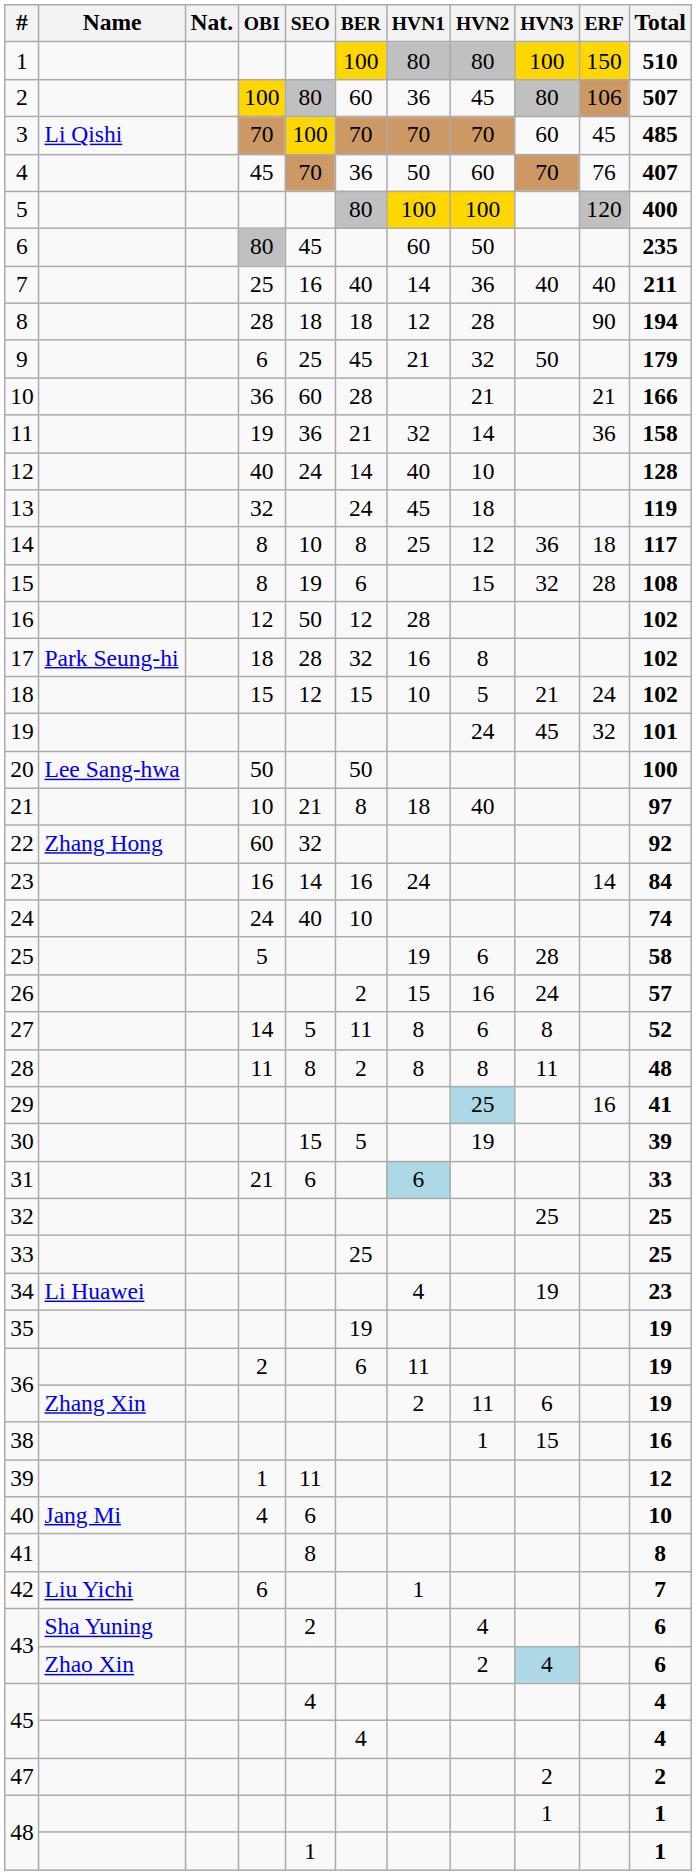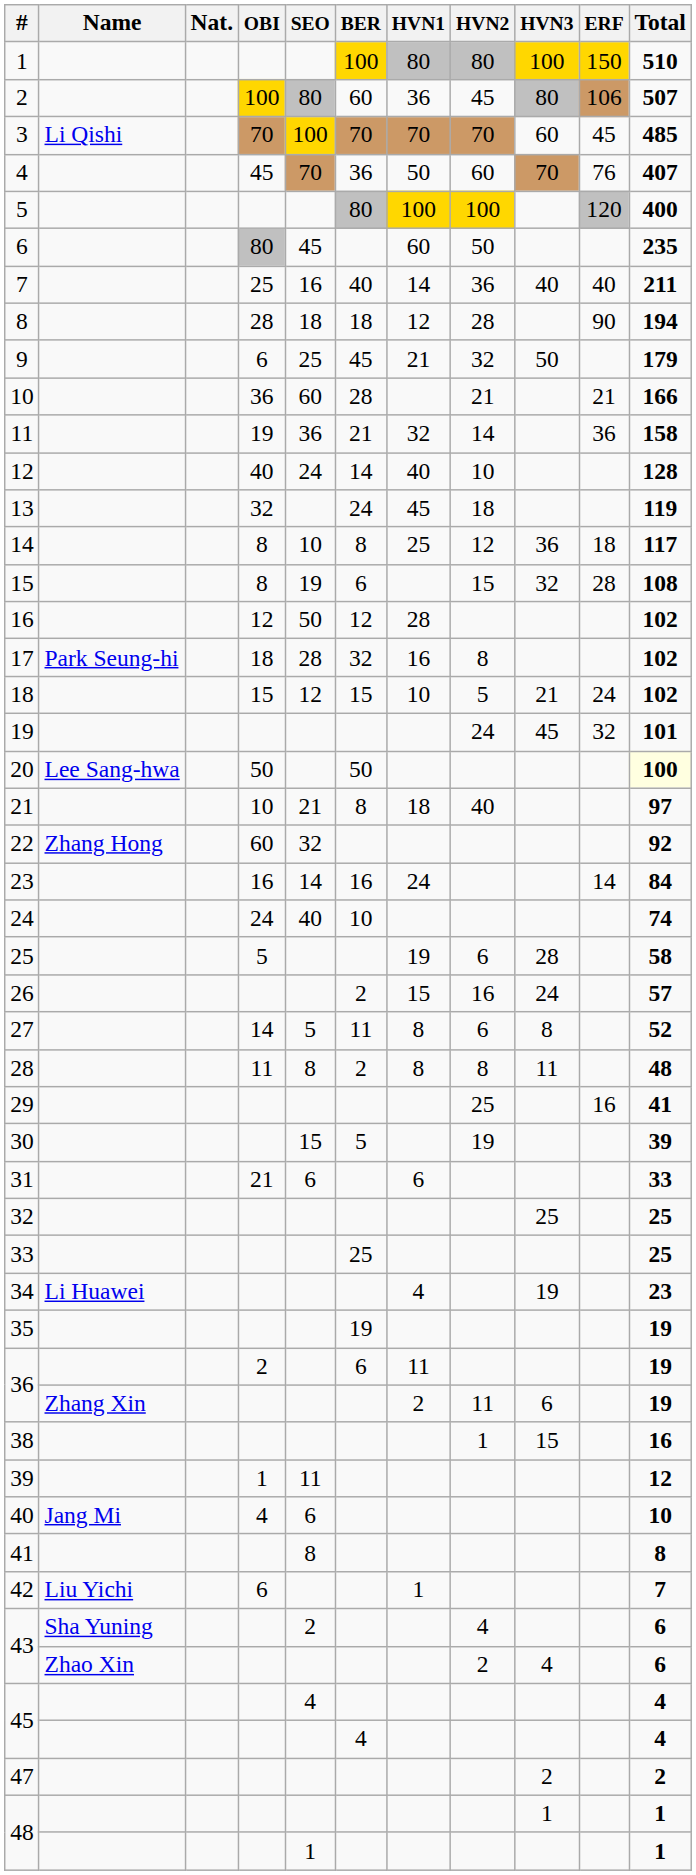 <table class="wikitable sortable" style="text-align:center;">
 <tr>
 <th>#</th>
 <th>Name</th>
 <th>Nat.</th>
 <th><small>OBI</small></th>
 <th><small>SEO</small></th>
 <th><small>BER </small></th>
 <th><small>HVN1 </small></th>
 <th><small>HVN2</small></th>
 <th><small>HVN3 </small></th>
 <th><small>ERF</small></th>
 <th>Total</th>
 </tr>
 <tr>
 <td>1</td>
 <td align=left></td>
 <td></td>
 <td></td>
 <td></td>
 <td bgcolor=gold>100</td>
 <td bgcolor=silver>80</td>
 <td bgcolor=silver>80</td>
 <td bgcolor=gold>100</td>
 <td bgcolor=gold>150</td>
 <td><strong>510</strong></td>
 </tr>
 <tr>
 <td>2</td>
 <td align=left></td>
 <td></td>
 <td bgcolor=gold>100</td>
 <td bgcolor=silver>80</td>
 <td>60</td>
 <td>36</td>
 <td>45</td>
 <td bgcolor=silver>80</td>
 <td bgcolor=cc9966>106</td>
 <td><strong>507</strong></td>
 </tr>
 <tr>
 <td>3</td>
 <td align=left><a href='#'>Li Qishi</a></td>
 <td></td>
 <td bgcolor=cc9966>70</td>
 <td bgcolor=gold>100</td>
 <td bgcolor=cc9966>70</td>
 <td bgcolor=cc9966>70</td>
 <td bgcolor=cc9966>70</td>
 <td>60</td>
 <td>45</td>
 <td><strong>485</strong></td>
 </tr>
 <tr>
 <td>4</td>
 <td align=left></td>
 <td></td>
 <td>45</td>
 <td bgcolor=cc9966>70</td>
 <td>36</td>
 <td>50</td>
 <td>60</td>
 <td bgcolor=cc9966>70</td>
 <td>76</td>
 <td><strong>407</strong></td>
 </tr>
 <tr>
 <td>5</td>
 <td align=left></td>
 <td></td>
 <td></td>
 <td></td>
 <td bgcolor=silver>80</td>
 <td bgcolor=gold>100</td>
 <td bgcolor=gold>100</td>
 <td></td>
 <td bgcolor=silver>120</td>
 <td><strong>400</strong></td>
 </tr>
 <tr>
 <td>6</td>
 <td align=left></td>
 <td></td>
 <td bgcolor=silver>80</td>
 <td>45</td>
 <td></td>
 <td>60</td>
 <td>50</td>
 <td></td>
 <td></td>
 <td><strong>235</strong></td>
 </tr>
 <tr>
 <td>7</td>
 <td align=left></td>
 <td></td>
 <td>25</td>
 <td>16</td>
 <td>40</td>
 <td>14</td>
 <td>36</td>
 <td>40</td>
 <td>40</td>
 <td><strong>211</strong></td>
 </tr>
 <tr>
 <td>8</td>
 <td align=left></td>
 <td></td>
 <td>28</td>
 <td>18</td>
 <td>18</td>
 <td>12</td>
 <td>28</td>
 <td></td>
 <td>90</td>
 <td><strong>194</strong></td>
 </tr>
 <tr>
 <td>9</td>
 <td align=left></td>
 <td></td>
 <td>6</td>
 <td>25</td>
 <td>45</td>
 <td>21</td>
 <td>32</td>
 <td>50</td>
 <td></td>
 <td><strong>179</strong></td>
 </tr>
 <tr>
 <td>10</td>
 <td align=left></td>
 <td></td>
 <td>36</td>
 <td>60</td>
 <td>28</td>
 <td></td>
 <td>21</td>
 <td></td>
 <td>21</td>
 <td><strong>166</strong></td>
 </tr>
 <tr>
 <td>11</td>
 <td align=left></td>
 <td></td>
 <td>19</td>
 <td>36</td>
 <td>21</td>
 <td>32</td>
 <td>14</td>
 <td></td>
 <td>36</td>
 <td><strong>158</strong></td>
 </tr>
 <tr>
 <td>12</td>
 <td align=left></td>
 <td></td>
 <td>40</td>
 <td>24</td>
 <td>14</td>
 <td>40</td>
 <td>10</td>
 <td></td>
 <td></td>
 <td><strong>128</strong></td>
 </tr>
 <tr>
 <td>13</td>
 <td align=left></td>
 <td></td>
 <td>32</td>
 <td></td>
 <td>24</td>
 <td>45</td>
 <td>18</td>
 <td></td>
 <td></td>
 <td><strong>119</strong></td>
 </tr>
 <tr>
 <td>14</td>
 <td align=left></td>
 <td></td>
 <td>8</td>
 <td>10</td>
 <td>8</td>
 <td>25</td>
 <td>12</td>
 <td>36</td>
 <td>18</td>
 <td><strong>117</strong></td>
 </tr>
 <tr>
 <td>15</td>
 <td align=left></td>
 <td></td>
 <td>8</td>
 <td>19</td>
 <td>6</td>
 <td></td>
 <td>15</td>
 <td>32</td>
 <td>28</td>
 <td><strong>108</strong></td>
 </tr>
 <tr>
 <td>16</td>
 <td align=left></td>
 <td></td>
 <td>12</td>
 <td>50</td>
 <td>12</td>
 <td>28</td>
 <td></td>
 <td></td>
 <td></td>
 <td><strong>102</strong></td>
 </tr>
 <tr>
 <td>17</td>
 <td align=left><a href='#'>Park Seung-hi</a></td>
 <td></td>
 <td>18</td>
 <td>28</td>
 <td>32</td>
 <td>16</td>
 <td>8</td>
 <td></td>
 <td></td>
 <td><strong>102</strong></td>
 </tr>
 <tr>
 <td>18</td>
 <td align=left></td>
 <td></td>
 <td>15</td>
 <td>12</td>
 <td>15</td>
 <td>10</td>
 <td>5</td>
 <td>21</td>
 <td>24</td>
 <td><strong>102</strong></td>
 </tr>
 <tr>
 <td>19</td>
 <td align=left></td>
 <td></td>
 <td></td>
 <td></td>
 <td></td>
 <td></td>
 <td>24</td>
 <td>45</td>
 <td>32</td>
 <td><strong>101</strong></td>
 </tr>
 <tr>
 <td>20</td>
 <td align=left><a href='#'>Lee Sang-hwa</a></td>
 <td></td>
 <td>50</td>
 <td></td>
 <td>50</td>
 <td></td>
 <td></td>
 <td></td>
 <td></td>
-<td><strong>100</strong></td>
+<td style="background: lightyellow;"><strong>100</strong></td>
 </tr>
 <tr>
 <td>21</td>
 <td align=left></td>
 <td></td>
 <td>10</td>
 <td>21</td>
 <td>8</td>
 <td>18</td>
 <td>40</td>
 <td></td>
 <td></td>
 <td><strong>97</strong></td>
 </tr>
 <tr>
 <td>22</td>
 <td align=left><a href='#'>Zhang Hong</a></td>
 <td></td>
 <td>60</td>
 <td>32</td>
 <td></td>
 <td></td>
 <td></td>
 <td></td>
 <td></td>
 <td><strong>92</strong></td>
 </tr>
 <tr>
 <td>23</td>
 <td align=left></td>
 <td></td>
 <td>16</td>
 <td>14</td>
 <td>16</td>
 <td>24</td>
 <td></td>
 <td></td>
 <td>14</td>
 <td><strong>84</strong></td>
 </tr>
 <tr>
 <td>24</td>
 <td align=left></td>
 <td></td>
 <td>24</td>
 <td>40</td>
 <td>10</td>
 <td></td>
 <td></td>
 <td></td>
 <td></td>
 <td><strong>74</strong></td>
 </tr>
 <tr>
 <td>25</td>
 <td align=left></td>
 <td></td>
 <td>5</td>
 <td></td>
 <td></td>
 <td>19</td>
 <td>6</td>
 <td>28</td>
 <td></td>
 <td><strong>58</strong></td>
 </tr>
 <tr>
 <td>26</td>
 <td align=left></td>
 <td></td>
 <td></td>
 <td></td>
 <td>2</td>
 <td>15</td>
 <td>16</td>
 <td>24</td>
 <td></td>
 <td><strong>57</strong></td>
 </tr>
 <tr>
 <td>27</td>
 <td align=left></td>
 <td></td>
 <td>14</td>
 <td>5</td>
 <td>11</td>
 <td>8</td>
 <td>6</td>
 <td>8</td>
 <td></td>
 <td><strong>52</strong></td>
 </tr>
 <tr>
 <td>28</td>
 <td align=left></td>
 <td></td>
 <td>11</td>
 <td>8</td>
 <td>2</td>
 <td>8</td>
 <td>8</td>
 <td>11</td>
 <td></td>
 <td><strong>48</strong></td>
 </tr>
 <tr>
 <td>29</td>
 <td align=left></td>
 <td></td>
 <td></td>
 <td></td>
 <td></td>
 <td></td>
-<td style="background: lightblue;">25</td>
+<td>25</td>
 <td></td>
 <td>16</td>
 <td><strong>41</strong></td>
 </tr>
 <tr>
 <td>30</td>
 <td align=left></td>
 <td></td>
 <td></td>
 <td>15</td>
 <td>5</td>
 <td></td>
 <td>19</td>
 <td></td>
 <td></td>
 <td><strong>39</strong></td>
 </tr>
 <tr>
 <td>31</td>
 <td align=left></td>
 <td></td>
 <td>21</td>
 <td>6</td>
 <td></td>
-<td style="background: lightblue;">6</td>
+<td>6</td>
 <td></td>
 <td></td>
 <td></td>
 <td><strong>33</strong></td>
 </tr>
 <tr>
 <td>32</td>
 <td align=left></td>
 <td></td>
 <td></td>
 <td></td>
 <td></td>
 <td></td>
 <td></td>
 <td>25</td>
 <td></td>
 <td><strong>25</strong></td>
 </tr>
 <tr>
 <td>33</td>
 <td align=left></td>
 <td></td>
 <td></td>
 <td></td>
 <td>25</td>
 <td></td>
 <td></td>
 <td></td>
 <td></td>
 <td><strong>25</strong></td>
 </tr>
 <tr>
 <td>34</td>
 <td align=left><a href='#'>Li Huawei</a></td>
 <td></td>
 <td></td>
 <td></td>
 <td></td>
 <td>4</td>
 <td></td>
 <td>19</td>
 <td></td>
 <td><strong>23</strong></td>
 </tr>
 <tr>
 <td>35</td>
 <td align=left></td>
 <td></td>
 <td></td>
 <td></td>
 <td>19</td>
 <td></td>
 <td></td>
 <td></td>
 <td></td>
 <td><strong>19</strong></td>
 </tr>
 <tr>
 <td rowspan=2>36</td>
 <td align=left></td>
 <td></td>
 <td>2</td>
 <td></td>
 <td>6</td>
 <td>11</td>
 <td></td>
 <td></td>
 <td></td>
 <td><strong>19</strong></td>
 </tr>
 <tr>
 <td align=left><a href='#'>Zhang Xin</a></td>
 <td></td>
 <td></td>
 <td></td>
 <td></td>
 <td>2</td>
 <td>11</td>
 <td>6</td>
 <td></td>
 <td><strong>19</strong></td>
 </tr>
 <tr>
 <td>38</td>
 <td align=left></td>
 <td></td>
 <td></td>
 <td></td>
 <td></td>
 <td></td>
 <td>1</td>
 <td>15</td>
 <td></td>
 <td><strong>16</strong></td>
 </tr>
 <tr>
 <td>39</td>
 <td align=left></td>
 <td></td>
 <td>1</td>
 <td>11</td>
 <td></td>
 <td></td>
 <td></td>
 <td></td>
 <td></td>
 <td><strong>12</strong></td>
 </tr>
 <tr>
 <td>40</td>
 <td align=left><a href='#'>Jang Mi</a></td>
 <td></td>
 <td>4</td>
 <td>6</td>
 <td></td>
 <td></td>
 <td></td>
 <td></td>
 <td></td>
 <td><strong>10</strong></td>
 </tr>
 <tr>
 <td>41</td>
 <td align=left></td>
 <td></td>
 <td></td>
 <td>8</td>
 <td></td>
 <td></td>
 <td></td>
 <td></td>
 <td></td>
 <td><strong>8</strong></td>
 </tr>
 <tr>
 <td>42</td>
 <td align=left><a href='#'>Liu Yichi</a></td>
 <td></td>
 <td>6</td>
 <td></td>
 <td></td>
 <td>1</td>
 <td></td>
 <td></td>
 <td></td>
 <td><strong>7</strong></td>
 </tr>
 <tr>
 <td rowspan=2>43</td>
 <td align=left><a href='#'>Sha Yuning</a></td>
 <td></td>
 <td></td>
 <td>2</td>
 <td></td>
 <td></td>
 <td>4</td>
 <td></td>
 <td></td>
 <td><strong>6</strong></td>
 </tr>
 <tr>
 <td align=left><a href='#'>Zhao Xin</a></td>
 <td></td>
 <td></td>
 <td></td>
 <td></td>
 <td></td>
 <td>2</td>
-<td style="background: lightblue;">4</td>
+<td>4</td>
 <td></td>
 <td><strong>6</strong></td>
 </tr>
 <tr>
 <td rowspan=2>45</td>
 <td align=left></td>
 <td></td>
 <td></td>
 <td>4</td>
 <td></td>
 <td></td>
 <td></td>
 <td></td>
 <td></td>
 <td><strong>4</strong></td>
 </tr>
 <tr>
 <td align=left></td>
 <td></td>
 <td></td>
 <td></td>
 <td>4</td>
 <td></td>
 <td></td>
 <td></td>
 <td></td>
 <td><strong>4</strong></td>
 </tr>
 <tr>
 <td>47</td>
 <td align=left></td>
 <td></td>
 <td></td>
 <td></td>
 <td></td>
 <td></td>
 <td></td>
 <td>2</td>
 <td></td>
 <td><strong>2</strong></td>
 </tr>
 <tr>
 <td rowspan=2>48</td>
 <td align=left></td>
 <td></td>
 <td></td>
 <td></td>
 <td></td>
 <td></td>
 <td></td>
 <td>1</td>
 <td></td>
 <td><strong>1</strong></td>
 </tr>
 <tr>
 <td align=left></td>
 <td></td>
 <td></td>
 <td>1</td>
 <td></td>
 <td></td>
 <td></td>
 <td></td>
 <td></td>
 <td><strong>1</strong></td>
 </tr>
 </table>
